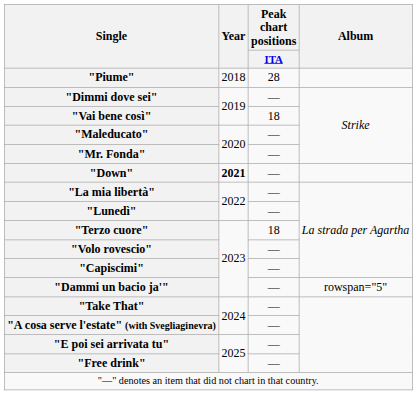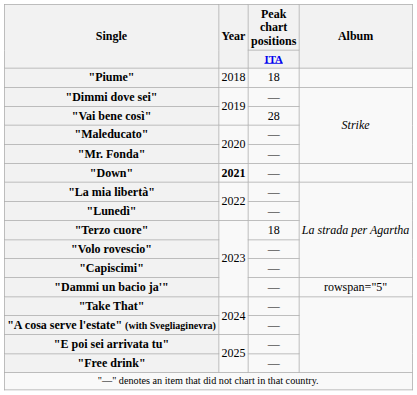 <table class="wikitable plainrowheaders" style="text-align:center;">
 <tr>
 <th scope="col" rowspan="2">Single</th>
 <th scope="col" rowspan="2">Year</th>
 <th scope="col" colspan="1">Peak chart positions</th>
 <th scope="col" rowspan="2">Album</th>
 </tr>
 <tr>
 <th scope="col" style="width:3em;font-size:90%;"><a href='#'>ITA</a><br></th>
 </tr>
 <tr>
 <th scope="row">"Piume"</th>
 <td>2018</td>
-<td>28</td>
+<td>18</td>
 <td></td>
 </tr>
 <tr>
 <th scope="row">"Dimmi dove sei"</th>
 <td rowspan="2">2019</td>
 <td>—</td>
 <td rowspan="4"><em>Strike</em></td>
 </tr>
 <tr>
 <th scope="row">"Vai bene così"</th>
-<td>18</td>
+<td>28</td>
 </tr>
 <tr>
 <th scope="row">"Maleducato"</th>
 <td rowspan="2">2020</td>
 <td>—</td>
 </tr>
 <tr>
 <th scope="row">"Mr. Fonda"</th>
 <td>—</td>
 </tr>
 <tr>
 <th scope="row">"Down"</th>
 <td><strong>2021</strong></td>
 <td>—</td>
 <td></td>
 </tr>
 <tr>
 <th scope="row">"La mia libertà"</th>
 <td rowspan="2">2022</td>
 <td>—</td>
 <td rowspan="5"><em>La strada per Agartha</em></td>
 </tr>
 <tr>
 <th scope="row">"Lunedì"</th>
 <td>—</td>
 </tr>
 <tr>
 <th scope="row">"Terzo cuore"</th>
 <td rowspan="4">2023</td>
 <td>18</td>
 </tr>
 <tr>
 <th scope="row">"Volo rovescio"</th>
 <td>—</td>
 </tr>
 <tr>
 <th scope="row">"Capiscimi"</th>
 <td>—</td>
 </tr>
 <tr>
 <th scope="row">"Dammi un bacio ja'"</th>
 <td>—</td>
 <td>rowspan="5" </td>
 </tr>
 <tr>
 <th scope="row">"Take That"</th>
 <td rowspan="2">2024</td>
 <td>—</td>
 </tr>
 <tr>
 <th scope="row">"A cosa serve l'estate" <small>(with Svegliaginevra)</small></th>
 <td>—</td>
 </tr>
 <tr>
 <th scope="row">"E poi sei arrivata tu"</th>
 <td rowspan="2">2025</td>
 <td>—</td>
 </tr>
 <tr>
 <th scope="row">"Free drink"</th>
 <td>—</td>
 </tr>
 <tr>
 <td colspan="6" style="text-align:center; font-size:85%">"—" denotes an item that did not chart in that country.</td>
 </tr>
 </table>
